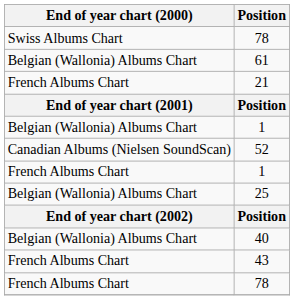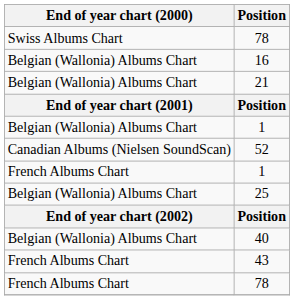 <table class="wikitable plainrowheaders">
 <tr>
 <th align="left">End of year chart (2000)</th>
 <th align="center">Position</th>
 </tr>
 <tr>
 <td align="left">Swiss Albums Chart</td>
 <td align="center">78</td>
 </tr>
 <tr>
 <td align="left">Belgian (Wallonia) Albums Chart</td>
-<td align="center">61</td>
+<td align="center">16</td>
 </tr>
 <tr>
-<td align="left">French Albums Chart</td>
+<td align="left">Belgian (Wallonia) Albums Chart</td>
 <td align="center">21</td>
 </tr>
 <tr>
 <th align="left">End of year chart (2001)</th>
 <th align="center">Position</th>
 </tr>
 <tr>
 <td align="left">Belgian (Wallonia) Albums Chart</td>
 <td align="center">1</td>
 </tr>
 <tr>
 <td>Canadian Albums (Nielsen SoundScan)</td>
 <td align="center">52</td>
 </tr>
 <tr>
 <td align="left">French Albums Chart</td>
 <td align="center">1</td>
 </tr>
 <tr>
 <td align="left">Belgian (Wallonia) Albums Chart</td>
 <td align="center">25</td>
 </tr>
 <tr>
 <th align="left">End of year chart (2002)</th>
 <th align="center">Position</th>
 </tr>
 <tr>
 <td align="left">Belgian (Wallonia) Albums Chart</td>
 <td align="center">40</td>
 </tr>
 <tr>
 <td align="left">French Albums Chart</td>
 <td align="center">43</td>
 </tr>
 <tr>
 <td align="left">French Albums Chart</td>
 <td align="center">78</td>
 </tr>
 <tr>
 </tr>
 </table>
